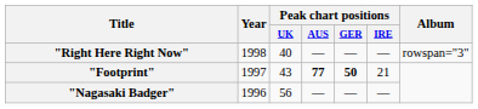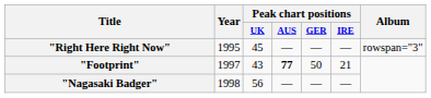 <table class="wikitable plainrowheaders" style=text-align:center;>
 <tr>
 <th rowspan="2" style="width:18em;">Title</th>
 <th rowspan="2">Year</th>
 <th colspan="4">Peak chart positions</th>
 <th rowspan="2">Album</th>
 </tr>
 <tr style="font-size:smaller;">
 <th width="35"><a href='#'>UK</a><br></th>
 <th width="35"><a href='#'>AUS</a><br></th>
 <th width="35"><a href='#'>GER</a><br></th>
 <th width="35"><a href='#'>IRE</a><br></th>
 </tr>
 <tr>
 <th scope="row" align="left">"Right Here Right Now"</th>
-<td>1998</td>
-<td>40</td>
+<td>1995</td>
+<td>45</td>
 <td>—</td>
 <td>—</td>
 <td>—</td>
 <td>rowspan="3" </td>
 </tr>
 <tr>
 <th scope="row" align="left">"Footprint"</th>
 <td>1997</td>
 <td>43</td>
 <td><strong>77</strong></td>
-<td><strong>50</strong></td>
+<td>50</td>
 <td>21</td>
 </tr>
 <tr>
 <th scope="row" align="left">"Nagasaki Badger"</th>
-<td>1996</td>
+<td>1998</td>
 <td>56</td>
 <td>—</td>
 <td>—</td>
 <td>—</td>
 </tr>
 </table>
